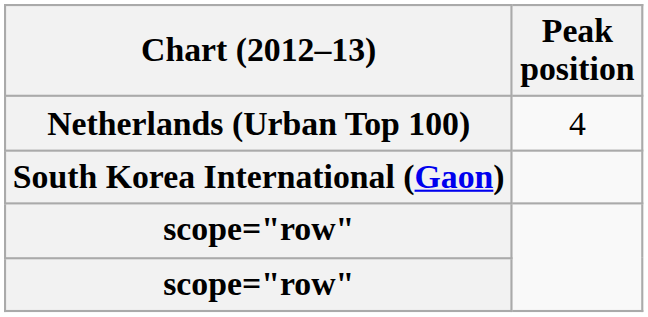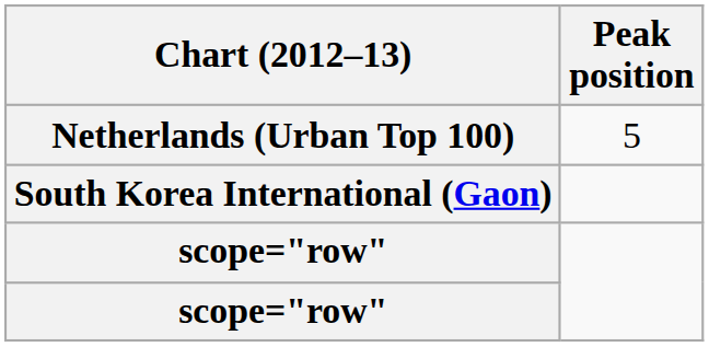 <table class="wikitable sortable plainrowheaders">
 <tr>
 <th scope="col">Chart (2012–13)</th>
 <th scope="col">Peak<br>position</th>
 </tr>
 <tr>
 <th scope="row">Netherlands (Urban Top 100)</th>
-<td align="center">4</td>
+<td align="center">5</td>
 </tr>
 <tr>
 <th scope="row">South Korea International (<a href='#'>Gaon</a>)</th>
 <td></td>
 </tr>
 <tr>
 <th>scope="row"</th>
 </tr>
 <tr>
 <th>scope="row"</th>
 </tr>
 </table>
